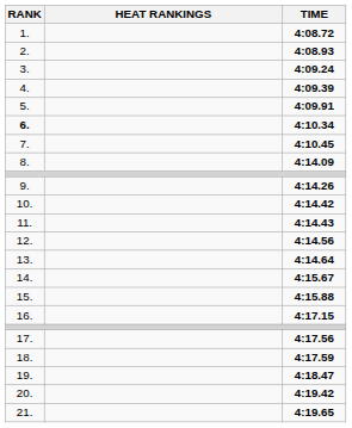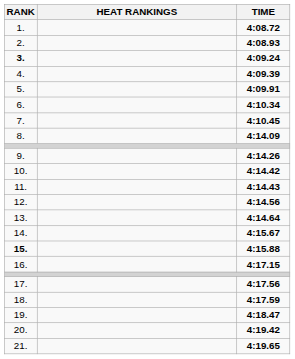 <table class="wikitable">
 <tr>
 <th>RANK</th>
 <th style="width: 20em">HEAT RANKINGS</th>
 <th style="width: 5em">TIME</th>
 </tr>
 <tr>
 <td align="center">1.</td>
 <td></td>
 <td align="center"><strong>4:08.72</strong></td>
 </tr>
 <tr>
 <td align="center">2.</td>
 <td></td>
 <td align="center"><strong>4:08.93</strong></td>
 </tr>
 <tr>
-<td align="center">3.</td>
+<td align="center"><strong>3.</strong></td>
 <td></td>
 <td align="center"><strong>4:09.24</strong></td>
 </tr>
 <tr>
 <td align="center">4.</td>
 <td></td>
 <td align="center"><strong>4:09.39</strong></td>
 </tr>
 <tr>
 <td align="center">5.</td>
 <td></td>
 <td align="center"><strong>4:09.91</strong></td>
 </tr>
 <tr>
-<td align="center"><strong>6.</strong></td>
+<td align="center">6.</td>
 <td></td>
 <td align="center"><strong>4:10.34</strong></td>
 </tr>
 <tr>
 <td align="center">7.</td>
 <td></td>
 <td align="center"><strong>4:10.45</strong></td>
 </tr>
 <tr>
 <td align="center">8.</td>
 <td></td>
 <td align="center"><strong>4:14.09</strong></td>
 </tr>
 <tr>
 <td colspan=3 bgcolor=lightgray></td>
 </tr>
 <tr>
 <td align="center">9.</td>
 <td></td>
 <td align="center"><strong>4:14.26</strong></td>
 </tr>
 <tr>
 <td align="center">10.</td>
 <td></td>
 <td align="center"><strong>4:14.42</strong></td>
 </tr>
 <tr>
 <td align="center">11.</td>
 <td></td>
 <td align="center"><strong>4:14.43</strong></td>
 </tr>
 <tr>
 <td align="center">12.</td>
 <td></td>
 <td align="center"><strong>4:14.56</strong></td>
 </tr>
 <tr>
 <td align="center">13.</td>
 <td></td>
 <td align="center"><strong>4:14.64</strong></td>
 </tr>
 <tr>
 <td align="center">14.</td>
 <td></td>
 <td align="center"><strong>4:15.67</strong></td>
 </tr>
 <tr>
-<td align="center">15.</td>
+<td align="center"><strong>15.</strong></td>
 <td></td>
 <td align="center"><strong>4:15.88</strong></td>
 </tr>
 <tr>
 <td align="center">16.</td>
 <td></td>
 <td align="center"><strong>4:17.15</strong></td>
 </tr>
 <tr>
 <td colspan=3 bgcolor=lightgray></td>
 </tr>
 <tr>
 <td align="center">17.</td>
 <td></td>
 <td align="center"><strong>4:17.56</strong></td>
 </tr>
 <tr>
 <td align="center">18.</td>
 <td></td>
 <td align="center"><strong>4:17.59</strong></td>
 </tr>
 <tr>
 <td align="center">19.</td>
 <td></td>
 <td align="center"><strong>4:18.47</strong></td>
 </tr>
 <tr>
 <td align="center">20.</td>
 <td></td>
 <td align="center"><strong>4:19.42</strong></td>
 </tr>
 <tr>
 <td align="center">21.</td>
 <td></td>
 <td align="center"><strong>4:19.65</strong></td>
 </tr>
 </table>
